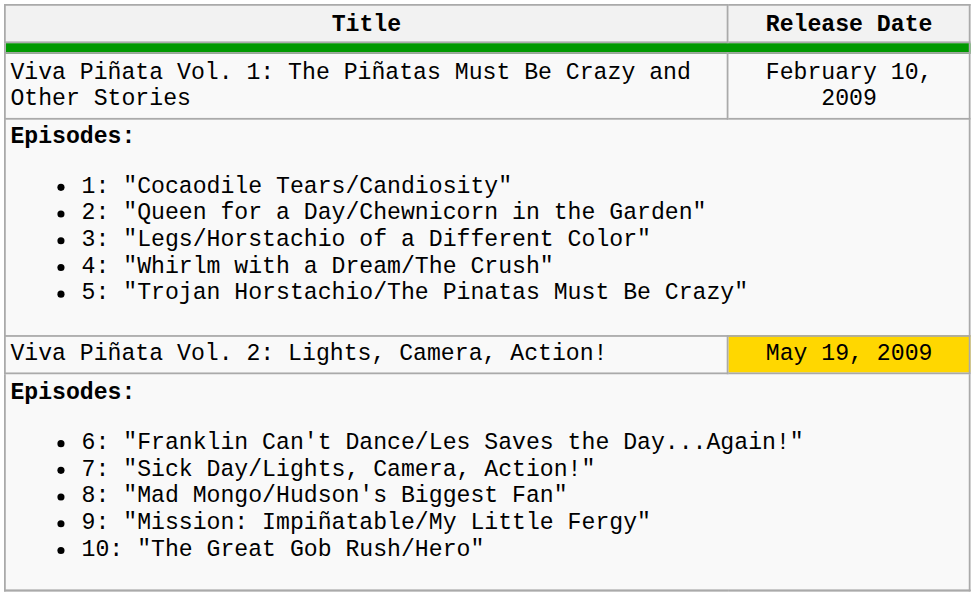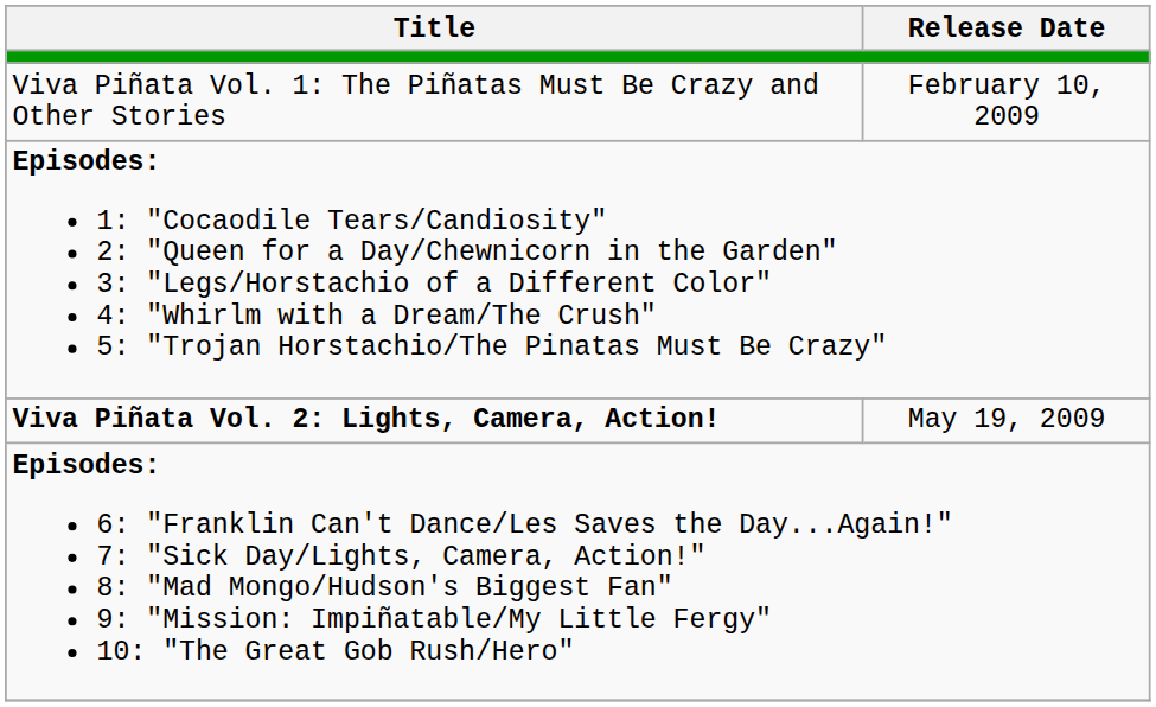 <table class="wikitable">
 <tr>
 <th width="400">Title</th>
 <th width="130">Release Date</th>
 </tr>
 <tr>
 <td colspan="6" bgcolor="#009900"></td>
 </tr>
 <tr>
 <td>Viva Piñata Vol. 1: The Piñatas Must Be Crazy and Other Stories </td>
 <td align="center">February 10, 2009</td>
 </tr>
 <tr>
 <td colspan="5"><strong>Episodes:</strong><br><ul><li>1: "Cocaodile Tears/Candiosity"</li><li>2: "Queen for a Day/Chewnicorn in the Garden"</li><li>3: "Legs/Horstachio of a Different Color"</li><li>4: "Whirlm with a Dream/The Crush"</li><li>5: "Trojan Horstachio/The Pinatas Must Be Crazy"</li></ul></td>
 </tr>
 <tr>
-<td>Viva Piñata Vol. 2: Lights, Camera, Action! </td>
-<td align="center" style="background: gold;">May 19, 2009</td>
+<td><strong>Viva Piñata Vol. 2: Lights, Camera, Action! </strong></td>
+<td align="center">May 19, 2009</td>
 </tr>
 <tr>
 <td colspan="5"><strong>Episodes:</strong><br><ul><li>6: "Franklin Can't Dance/Les Saves the Day...Again!"</li><li>7: "Sick Day/Lights, Camera, Action!"</li><li>8: "Mad Mongo/Hudson's Biggest Fan"</li><li>9: "Mission: Impiñatable/My Little Fergy"</li><li>10: "The Great Gob Rush/Hero"</li></ul></td>
 </tr>
 <tr>
 </tr>
 </table>
